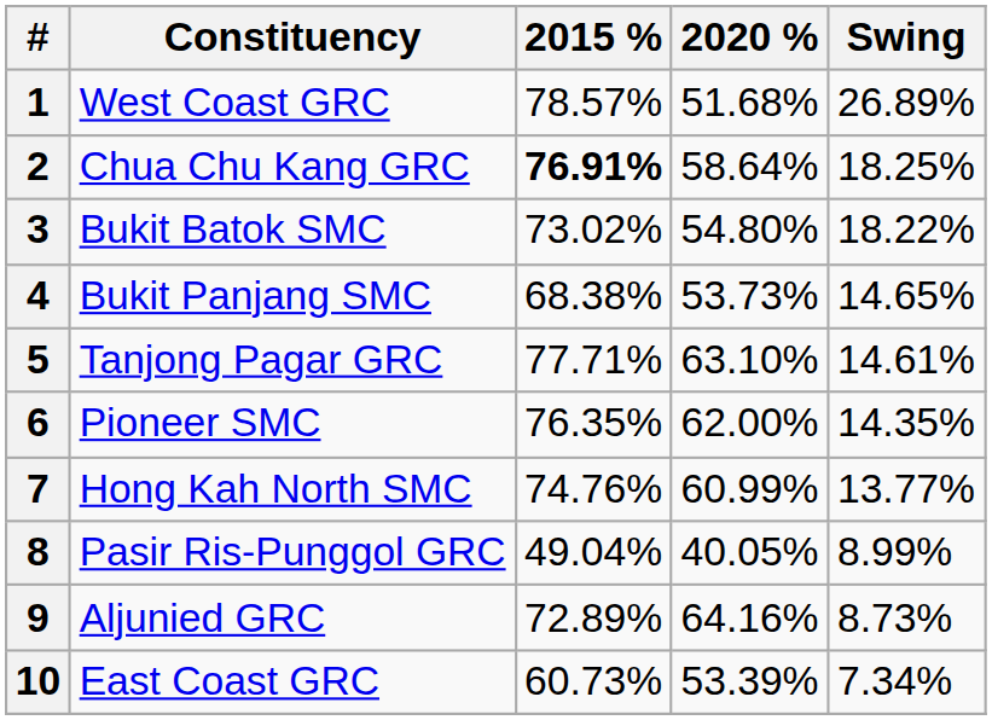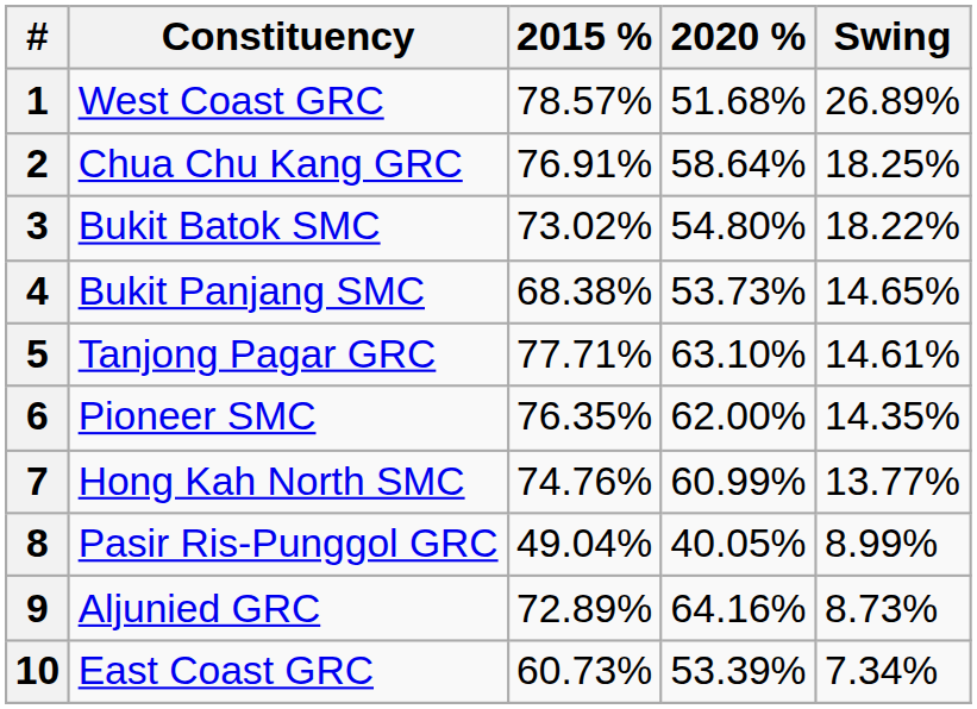 <table class="wikitable sortable">
 <tr>
 <th>#</th>
 <th>Constituency</th>
 <th data-sort-type="number">2015 %</th>
 <th data-sort-type="number">2020 %</th>
 <th>Swing</th>
 </tr>
 <tr>
 <th>1</th>
 <td><a href='#'>West Coast GRC</a></td>
 <td>78.57%</td>
 <td>51.68%</td>
 <td> 26.89%</td>
 </tr>
 <tr>
 <th>2</th>
 <td><a href='#'>Chua Chu Kang GRC</a></td>
-<td><strong>76.91%</strong></td>
+<td>76.91%</td>
 <td>58.64%</td>
 <td> 18.25%</td>
 </tr>
 <tr>
 <th>3</th>
 <td><a href='#'>Bukit Batok SMC</a></td>
 <td>73.02%</td>
 <td>54.80%</td>
 <td> 18.22%</td>
 </tr>
 <tr>
 <th>4</th>
 <td><a href='#'>Bukit Panjang SMC</a></td>
 <td>68.38%</td>
 <td>53.73%</td>
 <td> 14.65%</td>
 </tr>
 <tr>
 <th>5</th>
 <td><a href='#'>Tanjong Pagar GRC</a></td>
 <td>77.71%</td>
 <td>63.10%</td>
 <td> 14.61%</td>
 </tr>
 <tr>
 <th>6</th>
 <td><a href='#'>Pioneer SMC</a></td>
 <td>76.35%</td>
 <td>62.00%</td>
 <td> 14.35%</td>
 </tr>
 <tr>
 <th>7</th>
 <td><a href='#'>Hong Kah North SMC</a></td>
 <td>74.76%</td>
 <td>60.99%</td>
 <td> 13.77%</td>
 </tr>
 <tr>
 <th>8</th>
 <td><a href='#'>Pasir Ris-Punggol GRC</a></td>
 <td>49.04%</td>
 <td>40.05%</td>
 <td> 8.99%</td>
 </tr>
 <tr>
 <th>9</th>
 <td><a href='#'>Aljunied GRC</a></td>
 <td>72.89%</td>
 <td>64.16%</td>
 <td> 8.73%</td>
 </tr>
 <tr>
 <th>10</th>
 <td><a href='#'>East Coast GRC</a></td>
 <td>60.73%</td>
 <td>53.39%</td>
 <td> 7.34%</td>
 </tr>
 <tr>
 </tr>
 </table>
